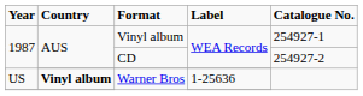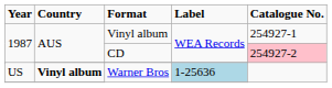 <table class="wikitable">
 <tr>
 <td colspan="1"><strong>Year</strong></td>
 <td colspan="1"><strong>Country</strong></td>
 <td colspan="1"><strong>Format</strong></td>
 <td colspan="1"><strong>Label</strong></td>
 <td colspan="1"><strong>Catalogue No.</strong></td>
 </tr>
 <tr>
 <td rowspan="3">1987</td>
 <td rowspan="2">AUS</td>
 <td>Vinyl album</td>
 <td rowspan="2"><a href='#'>WEA Records</a></td>
 <td>254927-1</td>
 </tr>
 <tr>
 <td>CD</td>
-<td>254927-2</td>
+<td style="background: pink;">254927-2</td>
 </tr>
 <tr>
 </tr>
 <tr>
 <td>US</td>
 <td><strong>Vinyl album</strong></td>
 <td rowspan="2"><a href='#'>Warner Bros</a></td>
-<td>1-25636</td>
+<td style="background: lightblue;">1-25636</td>
 </tr>
 <tr>
 </tr>
 </table>
